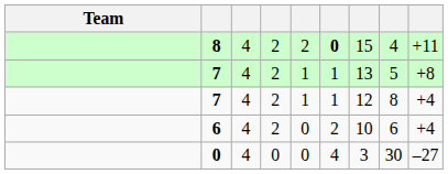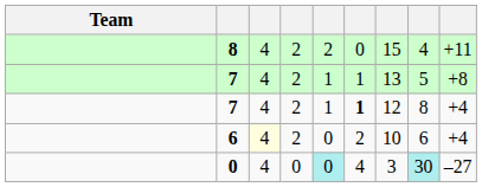 <table class=wikitable style="text-align:center">
 <tr>
 <th width="175">Team</th>
 <th width="20"></th>
 <th width="20"></th>
 <th width="20"></th>
 <th width="20"></th>
 <th width="20"></th>
 <th width="20"></th>
 <th width="20"></th>
 <th width="20"></th>
 </tr>
 <tr bgcolor="#ccffcc">
 <td style="text-align:left;"></td>
 <td><strong>8</strong></td>
 <td>4</td>
 <td>2</td>
 <td>2</td>
-<td><strong>0</strong></td>
+<td>0</td>
 <td>15</td>
 <td>4</td>
 <td>+11</td>
 </tr>
 <tr bgcolor="#ccffcc">
 <td style="text-align:left;"></td>
 <td><strong>7</strong></td>
 <td>4</td>
 <td>2</td>
 <td>1</td>
 <td>1</td>
 <td>13</td>
 <td>5</td>
 <td>+8</td>
 </tr>
 <tr>
 <td style="text-align:left;"></td>
 <td><strong>7</strong></td>
 <td>4</td>
 <td>2</td>
 <td>1</td>
-<td>1</td>
+<td><strong>1</strong></td>
 <td>12</td>
 <td>8</td>
 <td>+4</td>
 </tr>
 <tr>
 <td style="text-align:left;"></td>
 <td><strong>6</strong></td>
-<td>4</td>
+<td style="background: lightyellow;">4</td>
 <td>2</td>
 <td>0</td>
 <td>2</td>
 <td>10</td>
 <td>6</td>
 <td>+4</td>
 </tr>
 <tr>
 <td style="text-align:left;"></td>
 <td><strong>0</strong></td>
 <td>4</td>
 <td>0</td>
-<td>0</td>
+<td style="background: paleturquoise;">0</td>
 <td>4</td>
 <td>3</td>
-<td>30</td>
+<td style="background: paleturquoise;">30</td>
 <td>–27</td>
 </tr>
 </table>
